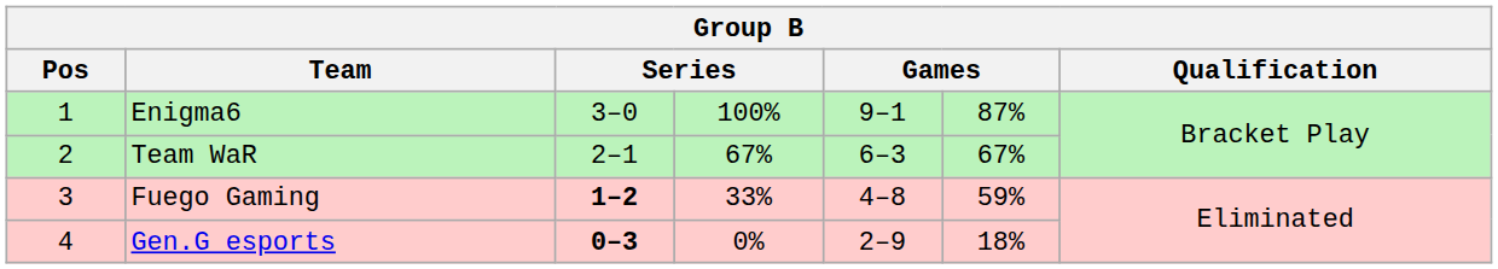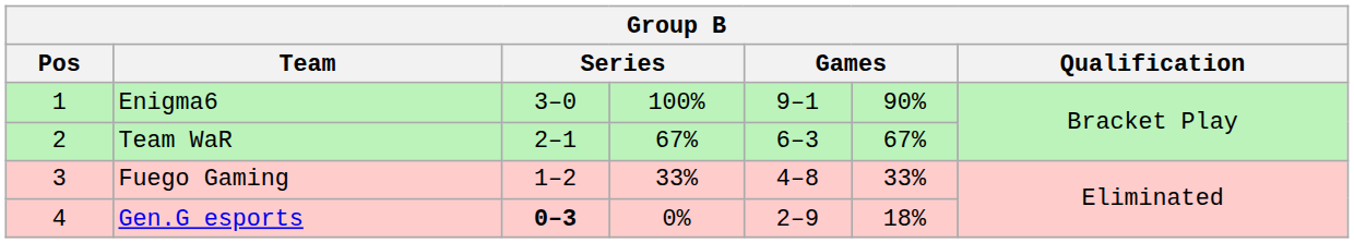 <table class="wikitable" style="display: inline-table; margin-left: 50px;width: 46.5%; ">
 <tr>
 <th colspan="7">Group B</th>
 </tr>
 <tr>
 <th>Pos</th>
 <th>Team</th>
 <th colspan="2">Series</th>
 <th colspan="2">Games</th>
 <th>Qualification</th>
 </tr>
 <tr>
 <td style="text-align:center; background:#BBF3BB;">1</td>
 <td style="text-align:left; background:#BBF3BB;">Enigma6</td>
 <td style="text-align:center; background:#BBF3BB;">3–0</td>
 <td style="text-align:center; background:#BBF3BB;">100%</td>
 <td style="text-align:center; background:#BBF3BB;">9–1</td>
-<td style="text-align:center; background:#BBF3BB;">87%</td>
+<td style="text-align:center; background:#BBF3BB;">90%</td>
 <td style="text-align:center; background:#BBF3BB;" rowspan="2">Bracket Play</td>
 </tr>
 <tr>
 <td style="text-align:center; background:#BBF3BB;">2</td>
 <td style="text-align:left; background:#BBF3BB;">Team WaR</td>
 <td style="text-align:center; background:#BBF3BB;">2–1</td>
 <td style="text-align:center; background:#BBF3BB;">67%</td>
 <td style="text-align:center; background:#BBF3BB;">6–3</td>
 <td style="text-align:center; background:#BBF3BB;">67%</td>
 </tr>
 <tr>
 <td style="text-align:center; background:#FFCCCC;">3</td>
 <td style="text-align:left; background:#FFCCCC;">Fuego Gaming</td>
-<td style="text-align:center; background:#FFCCCC;"><strong>1–2</strong></td>
+<td style="text-align:center; background:#FFCCCC;">1–2</td>
 <td style="text-align:center; background:#FFCCCC;">33%</td>
 <td style="text-align:center; background:#FFCCCC;">4–8</td>
-<td style="text-align:center; background:#FFCCCC;">59%</td>
+<td style="text-align:center; background:#FFCCCC;">33%</td>
 <td style="text-align:center; background:#FFCCCC;" rowspan="2">Eliminated</td>
 </tr>
 <tr>
 <td style="text-align:center; background:#FFCCCC;">4</td>
 <td style="text-align:left; background:#FFCCCC;"><a href='#'>Gen.G esports</a></td>
 <td style="text-align:center; background:#FFCCCC;"><strong>0–3</strong></td>
 <td style="text-align:center; background:#FFCCCC;">0%</td>
 <td style="text-align:center; background:#FFCCCC;">2–9</td>
 <td style="text-align:center; background:#FFCCCC;">18%</td>
 </tr>
 </table>
